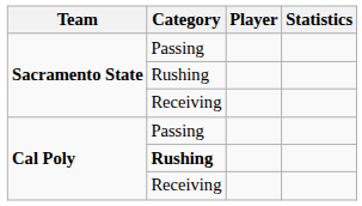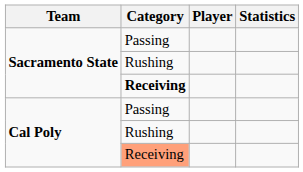 <table class="wikitable" style="float: right;">
 <tr>
 <th>Team</th>
 <th>Category</th>
 <th>Player</th>
 <th>Statistics</th>
 </tr>
 <tr>
 <td rowspan=3><strong>Sacramento State</strong></td>
 <td>Passing</td>
 <td></td>
 <td></td>
 </tr>
 <tr>
 <td>Rushing</td>
 <td></td>
 <td></td>
 </tr>
 <tr>
-<td>Receiving</td>
+<td><strong>Receiving</strong></td>
 <td></td>
 <td></td>
 </tr>
 <tr>
 <td rowspan=3><strong>Cal Poly</strong></td>
 <td>Passing</td>
 <td></td>
 <td></td>
 </tr>
 <tr>
-<td><strong>Rushing</strong></td>
+<td>Rushing</td>
 <td></td>
 <td></td>
 </tr>
 <tr>
-<td>Receiving</td>
+<td style="background: lightsalmon;">Receiving</td>
 <td></td>
 <td></td>
 </tr>
 </table>
